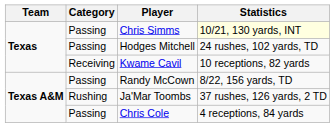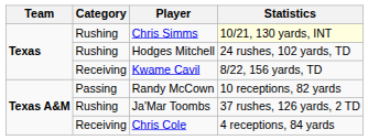 <table class="wikitable" style="float: right;">
 <tr>
 <th>Team</th>
 <th>Category</th>
 <th>Player</th>
 <th>Statistics</th>
 </tr>
 <tr>
 <td rowspan=3><strong>Texas</strong></td>
-<td>Passing</td>
+<td>Rushing</td>
 <td><a href='#'>Chris Simms</a></td>
 <td style="background: lightyellow;">10/21, 130 yards, INT</td>
 </tr>
 <tr>
-<td>Passing</td>
+<td>Rushing</td>
 <td>Hodges Mitchell</td>
 <td>24 rushes, 102 yards, TD</td>
 </tr>
 <tr>
 <td>Receiving</td>
 <td><a href='#'>Kwame Cavil</a></td>
-<td>10 receptions, 82 yards</td>
+<td>8/22, 156 yards, TD</td>
 </tr>
 <tr>
 <td rowspan=3><strong>Texas A&M</strong></td>
 <td>Passing</td>
 <td>Randy McCown</td>
-<td>8/22, 156 yards, TD</td>
+<td>10 receptions, 82 yards</td>
 </tr>
 <tr>
 <td>Rushing</td>
 <td>Ja'Mar Toombs</td>
 <td>37 rushes, 126 yards, 2 TD</td>
 </tr>
 <tr>
-<td>Passing</td>
+<td>Receiving</td>
 <td><a href='#'>Chris Cole</a></td>
 <td>4 receptions, 84 yards</td>
 </tr>
 </table>
